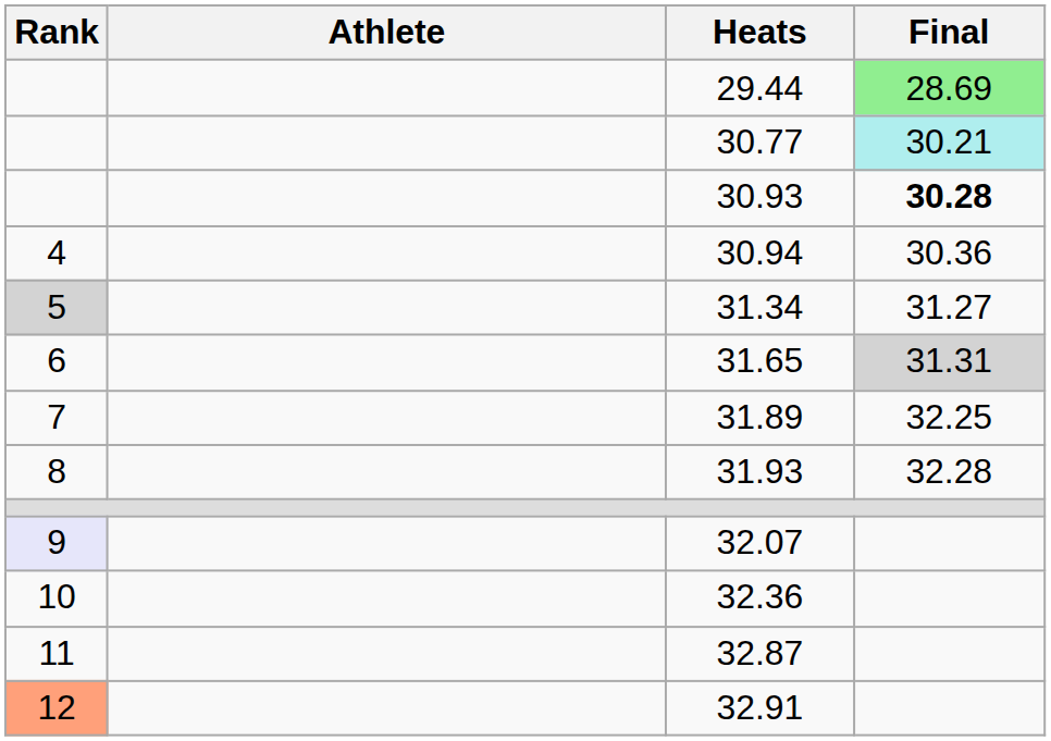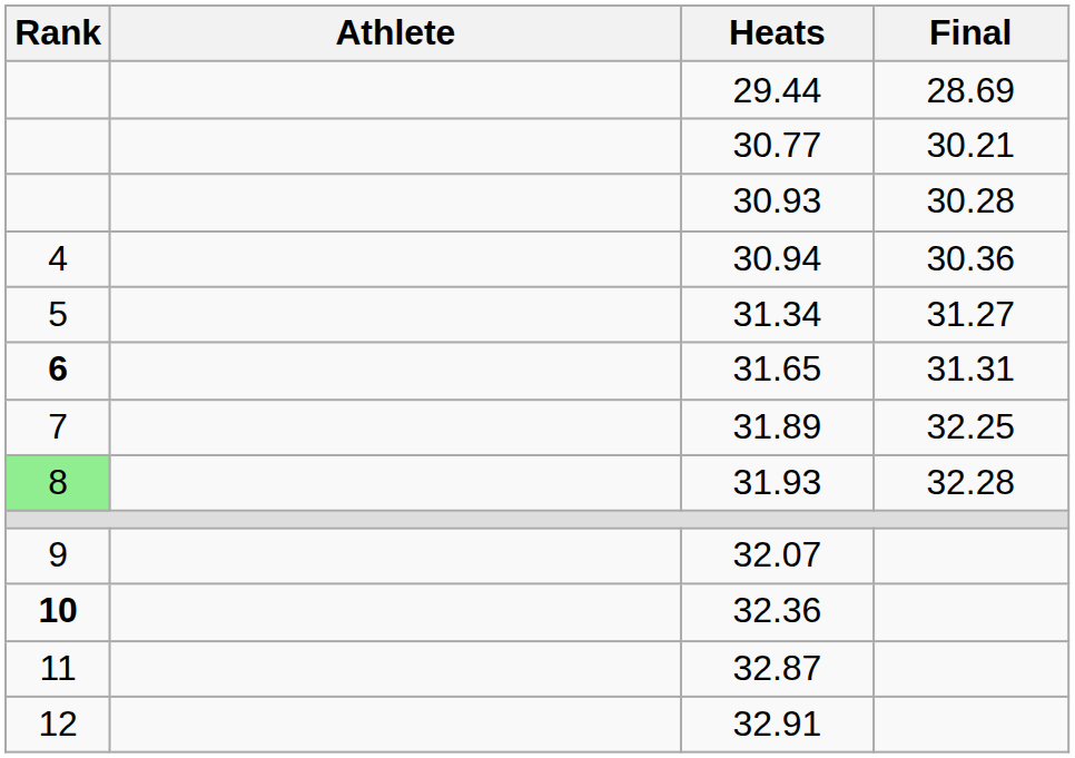 <table class=wikitable style="text-align:center">
 <tr>
 <th width=40>Rank</th>
 <th width=250>Athlete</th>
 <th width=80>Heats</th>
 <th width=80>Final</th>
 </tr>
 <tr>
 <td></td>
 <td align=left></td>
 <td>29.44</td>
-<td style="background: lightgreen;">28.69</td>
+<td>28.69</td>
 </tr>
 <tr>
 <td></td>
 <td align=left></td>
 <td>30.77</td>
-<td style="background: paleturquoise;">30.21</td>
+<td>30.21</td>
 </tr>
 <tr>
 <td></td>
 <td align=left></td>
 <td>30.93</td>
-<td><strong>30.28</strong></td>
+<td>30.28</td>
 </tr>
 <tr>
 <td>4</td>
 <td align=left></td>
 <td>30.94</td>
 <td>30.36</td>
 </tr>
 <tr>
-<td style="background: lightgrey;">5</td>
+<td>5</td>
 <td align=left></td>
 <td>31.34</td>
 <td>31.27</td>
 </tr>
 <tr>
-<td>6</td>
+<td><strong>6</strong></td>
 <td align=left></td>
 <td>31.65</td>
-<td style="background: lightgrey;">31.31</td>
+<td>31.31</td>
 </tr>
 <tr>
 <td>7</td>
 <td align=left></td>
 <td>31.89</td>
 <td>32.25</td>
 </tr>
 <tr>
-<td>8</td>
+<td style="background: lightgreen;">8</td>
 <td align=left></td>
 <td>31.93</td>
 <td>32.28</td>
 </tr>
 <tr bgcolor=#DDDDDD>
 <td colspan=4></td>
 </tr>
 <tr>
-<td style="background: lavender;">9</td>
+<td>9</td>
 <td align=left></td>
 <td>32.07</td>
 <td></td>
 </tr>
 <tr>
-<td>10</td>
+<td><strong>10</strong></td>
 <td align=left></td>
 <td>32.36</td>
 <td></td>
 </tr>
 <tr>
 <td>11</td>
 <td align=left></td>
 <td>32.87</td>
 <td></td>
 </tr>
 <tr>
-<td style="background: lightsalmon;">12</td>
+<td>12</td>
 <td align=left></td>
 <td>32.91</td>
 <td></td>
 </tr>
 </table>
